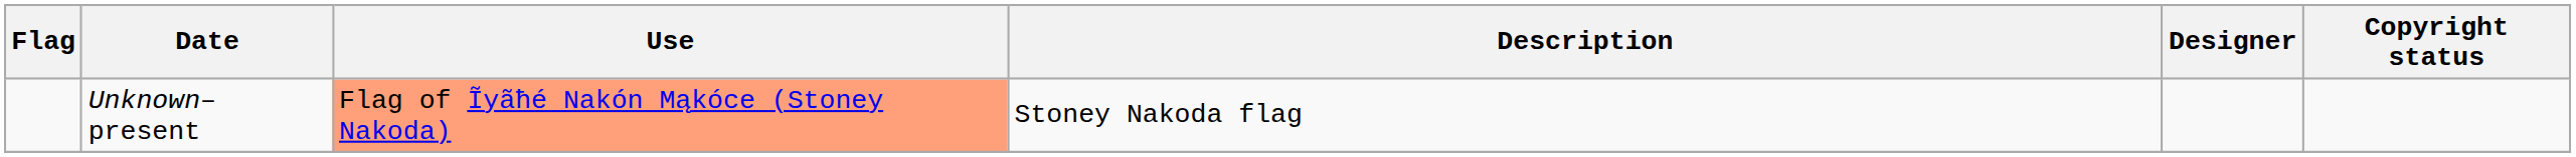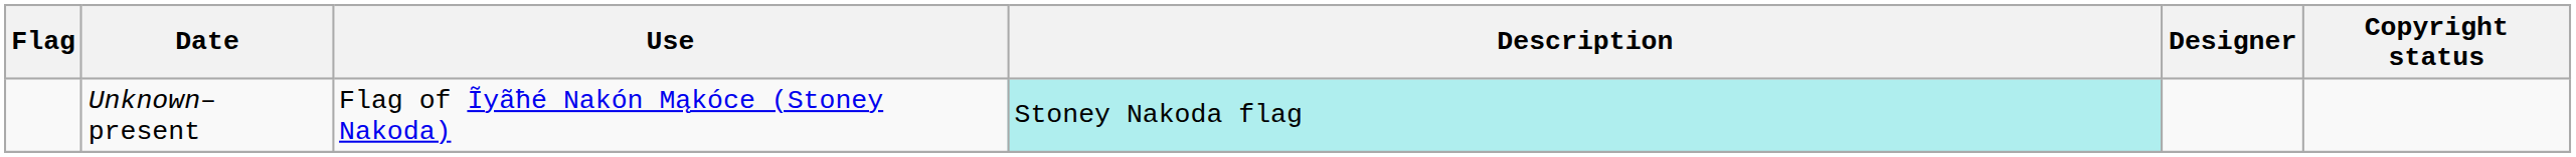 <table class="wikitable">
 <tr>
 <th scope="col">Flag</th>
 <th scope="col">Date</th>
 <th scope="col">Use</th>
 <th scope="col" style="width: 45%;">Description</th>
 <th scope="col">Designer</th>
 <th scope="col">Copyright status</th>
 </tr>
 <tr>
 <td></td>
 <td><em>Unknown</em>–present</td>
-<td style="background: lightsalmon;">Flag of <a href='#'>Ĩyãħé Nakón Mąkóce (Stoney Nakoda)</a></td>
-<td>Stoney Nakoda flag</td>
+<td>Flag of <a href='#'>Ĩyãħé Nakón Mąkóce (Stoney Nakoda)</a></td>
+<td style="background: paleturquoise;">Stoney Nakoda flag</td>
 <td></td>
 <td></td>
 </tr>
 <tr>
 </tr>
 </table>
